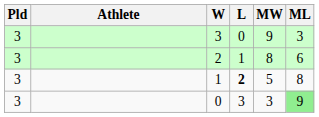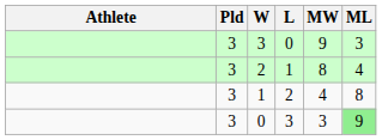 <table class="wikitable" style="text-align:center">
 <tr>
+<th width=200>Athlete</th>
 <th width=20>Pld</th>
-<th width=200>Athlete</th>
 <th width=20>W</th>
 <th width=20>L</th>
 <th width=20>MW</th>
 <th width=20>ML</th>
 </tr>
 <tr bgcolor="ccffcc">
+<td style="text-align:left"></td>
 <td>3</td>
-<td style="text-align:left"></td>
 <td>3</td>
 <td>0</td>
 <td>9</td>
 <td>3</td>
 </tr>
 <tr bgcolor="ccffcc">
+<td style="text-align:left"></td>
 <td>3</td>
-<td style="text-align:left"></td>
 <td>2</td>
 <td>1</td>
 <td>8</td>
-<td>6</td>
+<td>4</td>
 </tr>
 <tr>
+<td style="text-align:left"></td>
 <td>3</td>
-<td style="text-align:left"></td>
 <td>1</td>
-<td><strong>2</strong></td>
-<td>5</td>
+<td>2</td>
+<td>4</td>
 <td>8</td>
 </tr>
 <tr>
+<td style="text-align:left"></td>
 <td>3</td>
-<td style="text-align:left"></td>
 <td>0</td>
 <td>3</td>
 <td>3</td>
 <td style="background: lightgreen;">9</td>
 </tr>
 </table>
